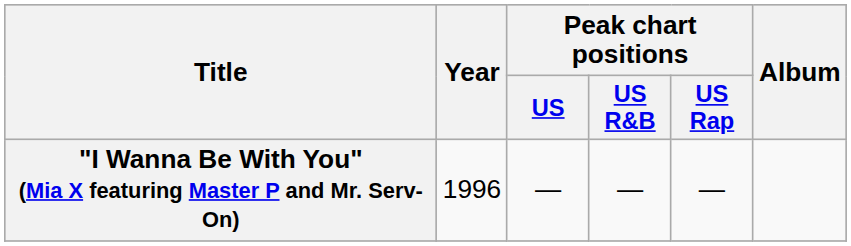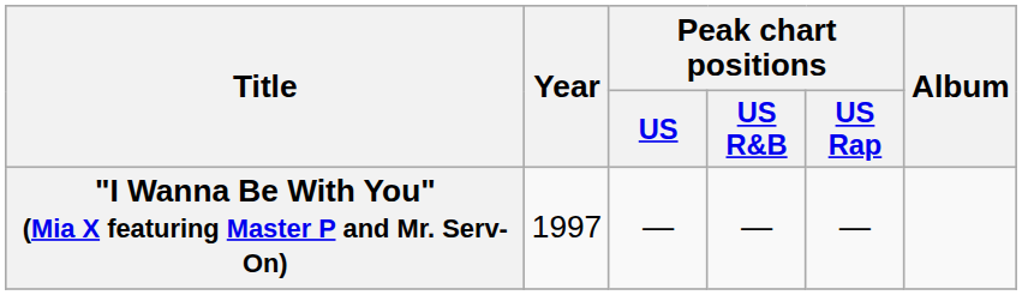 <table class="wikitable plainrowheaders" style="text-align:center;">
 <tr>
 <th scope="col" rowspan="2" style="width:16em;">Title</th>
 <th scope="col" rowspan="2">Year</th>
 <th scope="col" colspan="3">Peak chart positions</th>
 <th scope="col" rowspan="2">Album</th>
 </tr>
 <tr>
 <th style="width:3em; font-size:90%"><a href='#'>US</a></th>
 <th style="width:3em; font-size:90%"><a href='#'>US<br>R&B</a></th>
 <th style="width:3em; font-size:90%"><a href='#'>US<br>Rap</a></th>
 </tr>
 <tr>
 <th scope="row">"I Wanna Be With You"<br><small>(<a href='#'>Mia X</a> featuring <a href='#'>Master P</a> and Mr. Serv-On)</small></th>
-<td>1996</td>
+<td>1997</td>
 <td>—</td>
 <td>—</td>
 <td>—</td>
 <td></td>
 </tr>
 </table>
